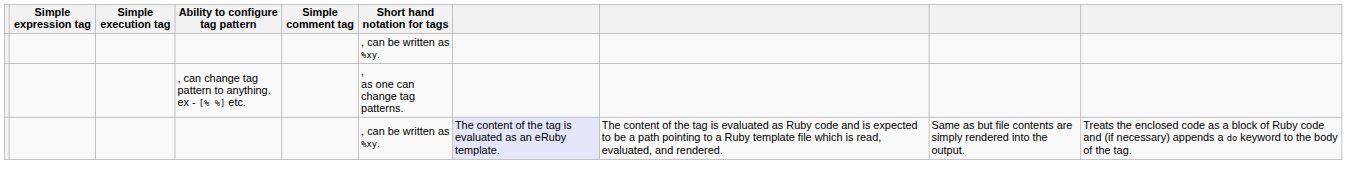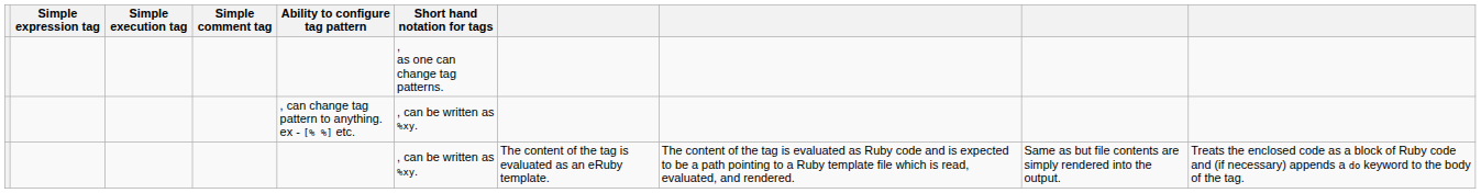 <table class="wikitable">
 <tr>
 <th></th>
 <th>Simple expression tag<br></th>
 <th>Simple execution tag<br></th>
+<th>Simple comment tag<br></th>
 <th>Ability to configure tag pattern</th>
-<th>Simple comment tag<br></th>
 <th>Short hand notation for tags</th>
 <th></th>
 <th></th>
 <th></th>
 <th></th>
 </tr>
 <tr>
 <th></th>
 <td></td>
 <td></td>
 <td></td>
 <td></td>
-<td>,  can be written as <code>%xy</code>.</td>
+<td>,<br>as one can change tag patterns.</td>
 <td></td>
 <td></td>
 <td></td>
 <td></td>
 </tr>
 <tr>
 <th></th>
 <td></td>
 <td></td>
+<td></td>
 <td>, can change tag pattern to anything.<br>ex - <code>[% %]</code> etc.</td>
-<td></td>
-<td>,<br>as one can change tag patterns.</td>
+<td>,  can be written as <code>%xy</code>.</td>
 <td></td>
 <td></td>
 <td></td>
 <td></td>
 </tr>
 <tr>
 <th></th>
 <td></td>
 <td></td>
 <td></td>
 <td></td>
 <td>,  can be written as <code>%xy</code>.</td>
-<td style="background: lavender;">The content of the tag is evaluated as an eRuby template.</td>
+<td>The content of the tag is evaluated as an eRuby template.</td>
 <td>The content of the tag is evaluated as Ruby code and is expected to be a path pointing to a Ruby template file which is read, evaluated, and rendered.</td>
 <td>Same as  but file contents are simply rendered into the output.</td>
 <td>Treats the enclosed code as a block of Ruby code and (if necessary) appends a <code>do</code> keyword to the body of the tag.</td>
 </tr>
 </table>
